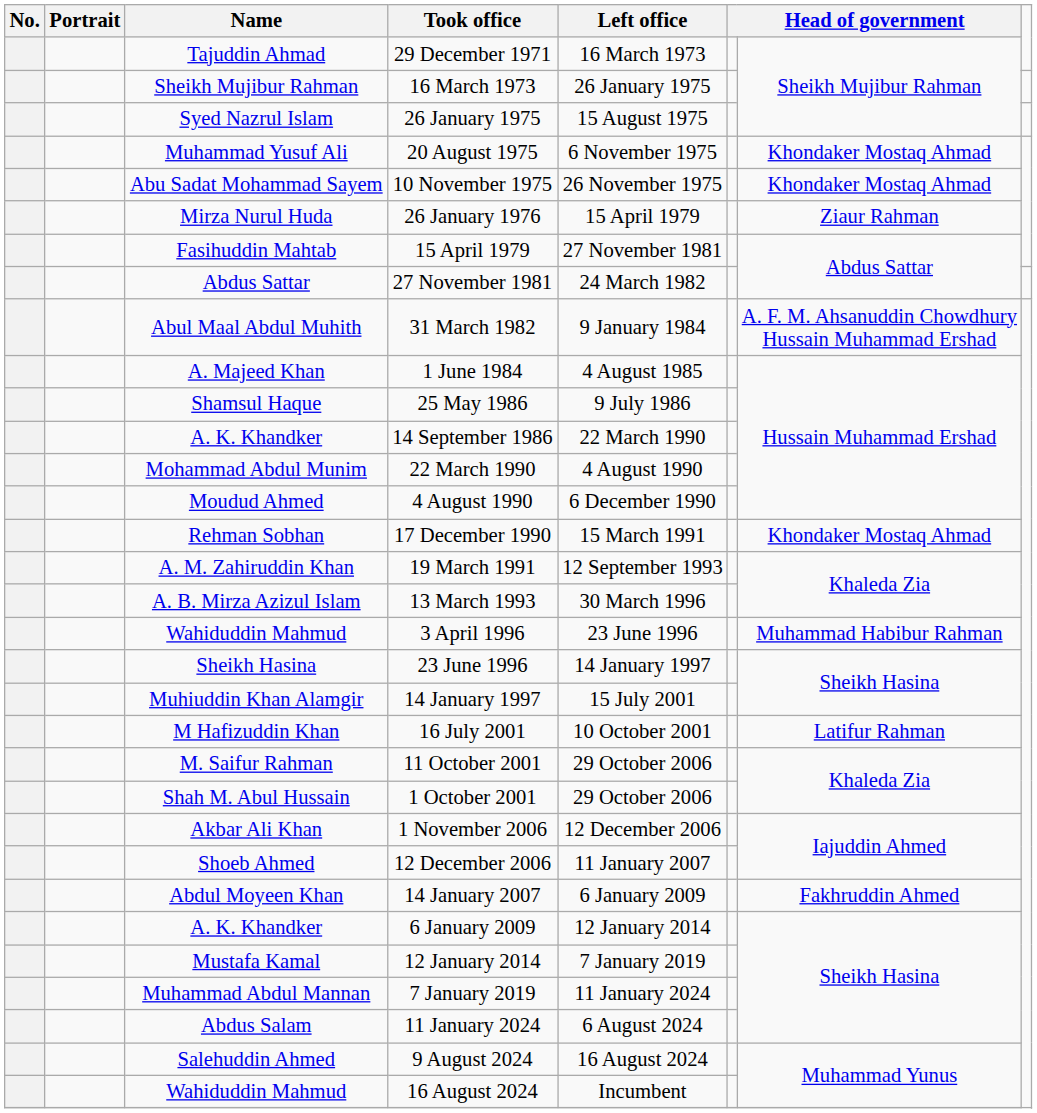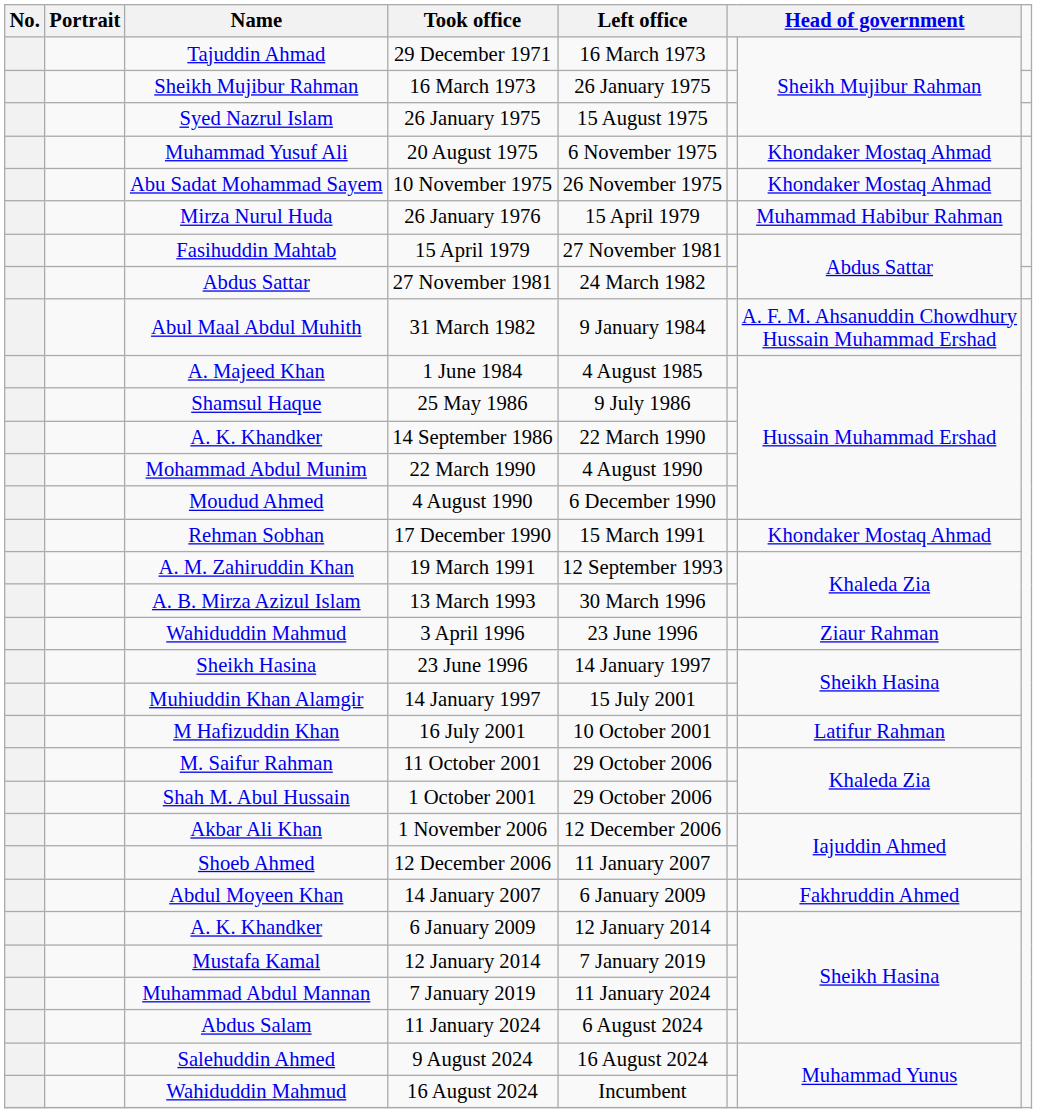 <table class="wikitable" style="clear:right; text-align:center"|}>
 <tr>
 <th>No.</th>
 <th>Portrait</th>
 <th>Name</th>
 <th>Took office</th>
 <th>Left office</th>
 <th colspan="2"><a href='#'>Head of government</a></th>
 </tr>
 <tr>
 <th></th>
 <td></td>
 <td><a href='#'>Tajuddin Ahmad</a></td>
 <td>29 December 1971</td>
 <td>16 March 1973</td>
 <td style="background: "></td>
 <td rowspan="3"><a href='#'>Sheikh Mujibur Rahman</a></td>
 </tr>
 <tr>
 <th></th>
 <td></td>
 <td><a href='#'>Sheikh Mujibur Rahman</a></td>
 <td>16 March 1973</td>
 <td>26 January 1975</td>
 <td style="background: "></td>
 <td></td>
 </tr>
 <tr>
 <th></th>
 <td></td>
 <td><a href='#'>Syed Nazrul Islam</a></td>
 <td>26 January 1975</td>
 <td>15 August 1975</td>
 <td style="background: "></td>
 <td></td>
 </tr>
 <tr>
 <th></th>
 <td></td>
 <td><a href='#'>Muhammad Yusuf Ali</a></td>
 <td>20 August 1975</td>
 <td>6 November 1975</td>
 <td style="background: "></td>
 <td><a href='#'>Khondaker Mostaq Ahmad</a></td>
 </tr>
 <tr>
 <th></th>
 <td></td>
 <td><a href='#'>Abu Sadat Mohammad Sayem</a></td>
 <td>10 November 1975</td>
 <td>26 November 1975</td>
 <td style="background: "></td>
 <td><a href='#'>Khondaker Mostaq Ahmad</a></td>
 </tr>
 <tr>
 <th></th>
 <td></td>
 <td><a href='#'>Mirza Nurul Huda</a></td>
 <td>26 January 1976</td>
 <td>15 April 1979</td>
 <td style="background: "></td>
-<td><a href='#'>Ziaur Rahman</a></td>
+<td><a href='#'>Muhammad Habibur Rahman</a></td>
 </tr>
 <tr>
 <th></th>
 <td></td>
 <td><a href='#'>Fasihuddin Mahtab</a></td>
 <td>15 April 1979</td>
 <td>27 November 1981</td>
 <td style="background: "></td>
 <td rowspan="2"><a href='#'>Abdus Sattar</a></td>
 </tr>
 <tr>
 <th></th>
 <td></td>
 <td><a href='#'>Abdus Sattar</a></td>
 <td>27 November 1981</td>
 <td>24 March 1982</td>
 <td style="background: "></td>
 <td></td>
 </tr>
 <tr>
 <th></th>
 <td></td>
 <td><a href='#'>Abul Maal Abdul Muhith</a></td>
 <td>31 March 1982</td>
 <td>9 January 1984</td>
 <td style="background: "></td>
 <td><a href='#'>A. F. M. Ahsanuddin Chowdhury</a><br><a href='#'>Hussain Muhammad Ershad</a></td>
 </tr>
 <tr>
 <th></th>
 <td></td>
 <td><a href='#'>A. Majeed Khan</a></td>
 <td>1 June 1984</td>
 <td>4 August 1985</td>
 <td style="background: "></td>
 <td rowspan="5"><a href='#'>Hussain Muhammad Ershad</a></td>
 </tr>
 <tr>
 <th></th>
 <td></td>
 <td><a href='#'>Shamsul Haque</a></td>
 <td>25 May 1986</td>
 <td>9 July 1986</td>
 <td style="background: "></td>
 </tr>
 <tr>
 <th></th>
 <td></td>
 <td><a href='#'>A. K. Khandker</a></td>
 <td>14 September 1986</td>
 <td>22 March 1990</td>
 <td style="background: "></td>
 </tr>
 <tr>
 <th></th>
 <td></td>
 <td><a href='#'>Mohammad Abdul Munim</a></td>
 <td>22 March 1990</td>
 <td>4 August 1990</td>
 <td style="background: "></td>
 </tr>
 <tr>
 <th></th>
 <td></td>
 <td><a href='#'>Moudud Ahmed</a></td>
 <td>4 August 1990</td>
 <td>6 December 1990</td>
 <td style="background: "></td>
 </tr>
 <tr>
 <th></th>
 <td></td>
 <td><a href='#'>Rehman Sobhan</a></td>
 <td>17 December 1990</td>
 <td>15 March 1991</td>
 <td style="background: "></td>
 <td><a href='#'>Khondaker Mostaq Ahmad</a></td>
 </tr>
 <tr>
 <th></th>
 <td></td>
 <td><a href='#'>A. M. Zahiruddin Khan</a></td>
 <td>19 March 1991</td>
 <td>12 September 1993</td>
 <td style="background: "></td>
 <td rowspan="2"><a href='#'>Khaleda Zia</a></td>
 </tr>
 <tr>
 <th></th>
 <td></td>
 <td><a href='#'>A. B. Mirza Azizul Islam</a></td>
 <td>13 March 1993</td>
 <td>30 March 1996</td>
 <td style="background: "></td>
 </tr>
 <tr>
 <th></th>
 <td></td>
 <td><a href='#'>Wahiduddin Mahmud</a></td>
 <td>3 April 1996</td>
 <td>23 June 1996</td>
 <td style="background: "></td>
-<td><a href='#'>Muhammad Habibur Rahman</a></td>
+<td><a href='#'>Ziaur Rahman</a></td>
 </tr>
 <tr>
 <th></th>
 <td></td>
 <td><a href='#'>Sheikh Hasina</a></td>
 <td>23 June 1996</td>
 <td>14 January 1997</td>
 <td style="background: "></td>
 <td rowspan="2"><a href='#'>Sheikh Hasina</a></td>
 </tr>
 <tr>
 <th></th>
 <td></td>
 <td><a href='#'>Muhiuddin Khan Alamgir</a></td>
 <td>14 January 1997</td>
 <td>15 July 2001</td>
 <td style="background: "></td>
 </tr>
 <tr>
 <th></th>
 <td></td>
 <td><a href='#'>M Hafizuddin Khan</a></td>
 <td>16 July 2001</td>
 <td>10 October 2001</td>
 <td style="background: "></td>
 <td><a href='#'>Latifur Rahman</a></td>
 </tr>
 <tr>
 <th></th>
 <td></td>
 <td><a href='#'>M. Saifur Rahman</a></td>
 <td>11 October 2001</td>
 <td>29 October 2006</td>
 <td style="background: "></td>
 <td rowspan="2"><a href='#'>Khaleda Zia</a></td>
 </tr>
 <tr>
 <th></th>
 <td></td>
 <td><a href='#'>Shah M. Abul Hussain</a></td>
 <td>1 October 2001</td>
 <td>29 October 2006</td>
 <td style="background: "></td>
 </tr>
 <tr>
 <th></th>
 <td></td>
 <td><a href='#'>Akbar Ali Khan</a></td>
 <td>1 November 2006</td>
 <td>12 December 2006</td>
 <td style="background: "></td>
 <td rowspan="2"><a href='#'>Iajuddin Ahmed</a></td>
 </tr>
 <tr>
 <th></th>
 <td></td>
 <td><a href='#'>Shoeb Ahmed</a></td>
 <td>12 December 2006</td>
 <td>11 January 2007</td>
 <td style="background: "></td>
 </tr>
 <tr>
 <th></th>
 <td></td>
 <td><a href='#'>Abdul Moyeen Khan</a></td>
 <td>14 January 2007</td>
 <td>6 January 2009</td>
 <td style="background: "></td>
 <td><a href='#'>Fakhruddin Ahmed</a></td>
 </tr>
 <tr>
 <th></th>
 <td></td>
 <td><a href='#'>A. K. Khandker</a></td>
 <td>6 January 2009</td>
 <td>12 January 2014</td>
 <td style="background: "></td>
 <td rowspan="4"><a href='#'>Sheikh Hasina</a></td>
 </tr>
 <tr>
 <th></th>
 <td></td>
 <td><a href='#'>Mustafa Kamal</a></td>
 <td>12 January 2014</td>
 <td>7 January 2019</td>
 <td style="background: "></td>
 </tr>
 <tr>
 <th></th>
 <td></td>
 <td><a href='#'>Muhammad Abdul Mannan</a></td>
 <td>7 January 2019</td>
 <td>11 January 2024</td>
 <td style="background: "></td>
 </tr>
 <tr>
 <th></th>
 <td></td>
 <td><a href='#'>Abdus Salam</a></td>
 <td>11 January 2024</td>
 <td>6 August 2024</td>
 <td style="background: "></td>
 </tr>
 <tr>
 <th></th>
 <td></td>
 <td><a href='#'>Salehuddin Ahmed</a></td>
 <td>9 August 2024</td>
 <td>16 August 2024</td>
 <td style="background: "></td>
 <td rowspan="2"><a href='#'>Muhammad Yunus</a></td>
 </tr>
 <tr>
 <th></th>
 <td></td>
 <td><a href='#'>Wahiduddin Mahmud</a></td>
 <td>16 August 2024</td>
 <td>Incumbent</td>
 <td style="background: "></td>
 </tr>
 <tr>
 </tr>
 </table>
